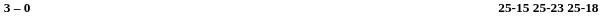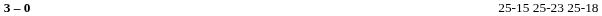 <table width=100% cellspacing=1>
 <tr>
 <th width=20%></th>
 <th width=12%></th>
 <th width=20%></th>
 <th width=33%></th>
 <td></td>
 </tr>
 <tr style=font-size:90%>
 <td align=right></td>
 <td align=center><strong>3 – 0</strong></td>
 <td></td>
-<td><strong>25-15 25-23 25-18</strong></td>
+<td>25-15 25-23 25-18</td>
 </tr>
 </table>
